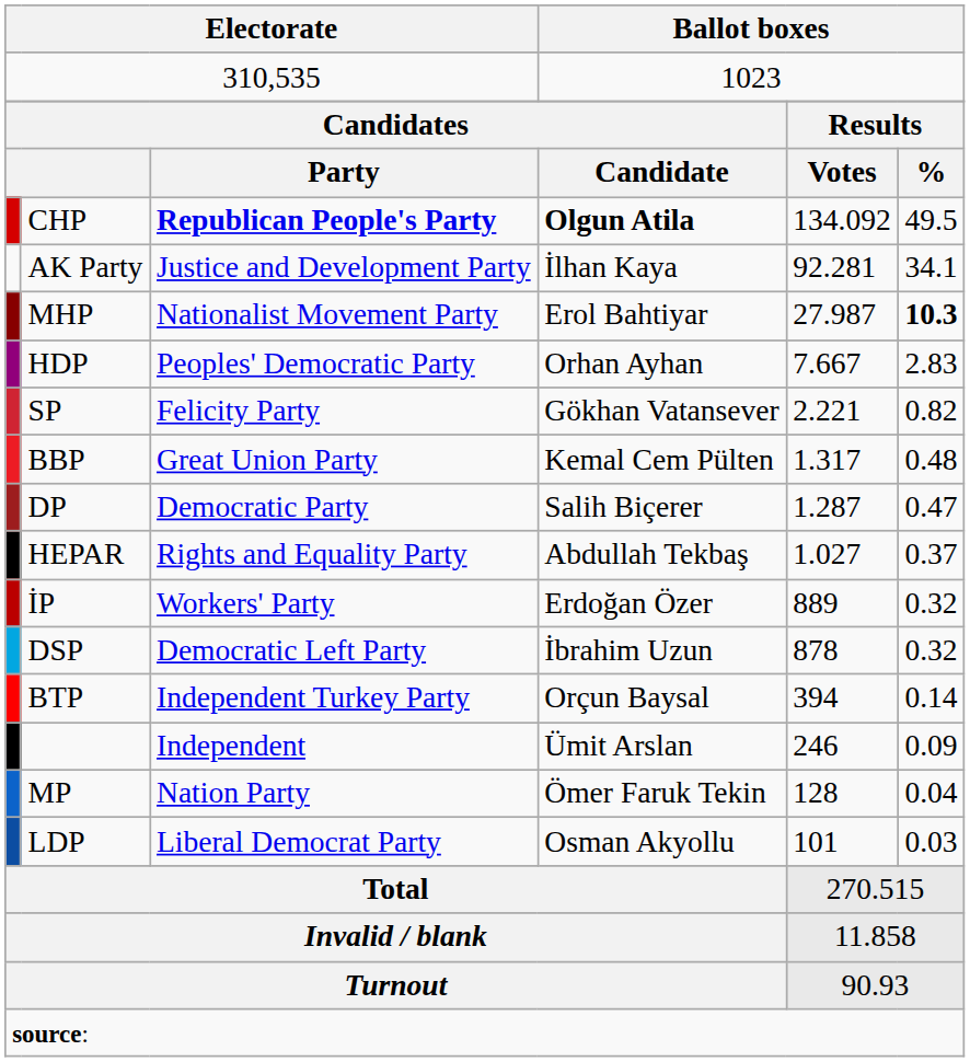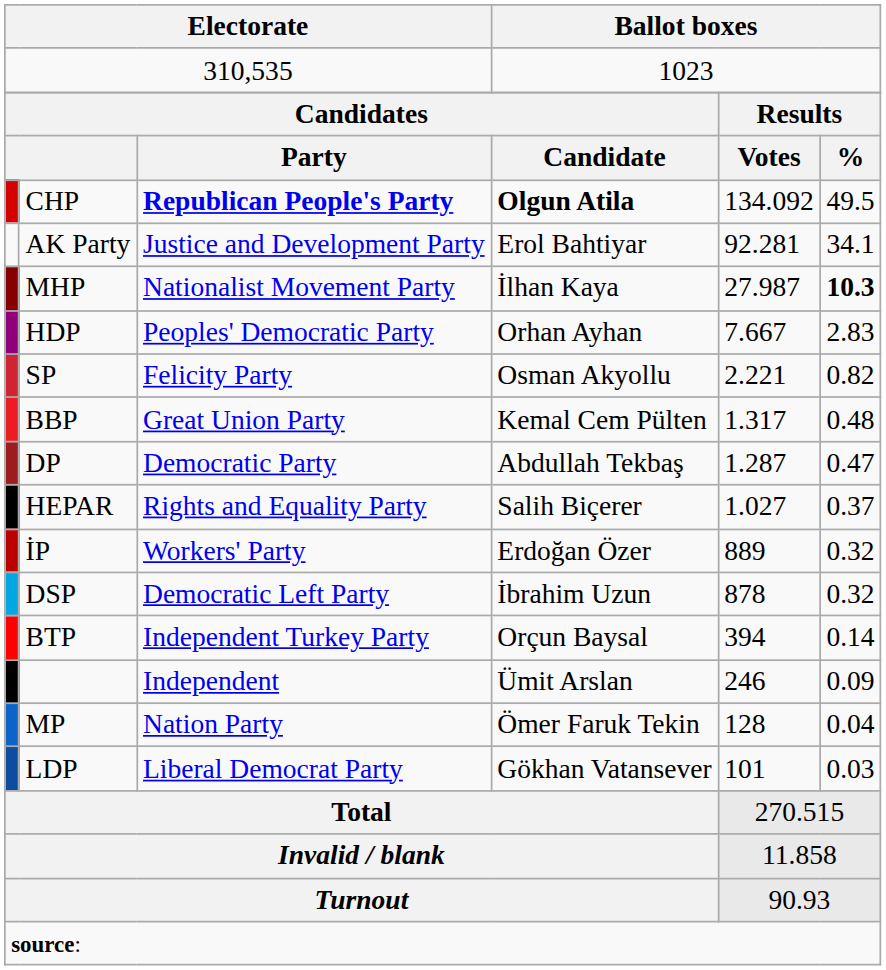 <table class="wikitable">
 <tr style="background-color:#F2F2F2">
 <td align="center" colspan="3"><strong>Electorate</strong></td>
 <td align="center" colspan="7"><strong>Ballot boxes</strong></td>
 </tr>
 <tr align="left">
 <td align="center" colspan="3">310,535</td>
 <td align="center" colspan="7">1023</td>
 </tr>
 <tr>
 </tr>
 <tr style="background-color:#E9E9E9">
 </tr>
 <tr>
 <th align="center" colspan="4">Candidates</th>
 <th align="center" colspan="6">Results</th>
 </tr>
 <tr style="background-color:#E9E9E9">
 <th align="center" colspan="2"></th>
 <th align="center">Party</th>
 <th align="center">Candidate</th>
 <th align="center">Votes</th>
 <th align="center">%</th>
 </tr>
 <tr align="left">
 <td bgcolor="#d50000" width=1></td>
 <td>CHP</td>
 <td><strong><a href='#'>Republican People's Party</a></strong></td>
 <td><strong>Olgun Atila</strong></td>
 <td>134.092</td>
 <td>49.5</td>
 </tr>
 <tr align="left">
 <td></td>
 <td>AK Party</td>
 <td><a href='#'>Justice and Development Party</a></td>
-<td>İlhan Kaya</td>
+<td>Erol Bahtiyar</td>
 <td>92.281</td>
 <td>34.1</td>
 </tr>
 <tr align="left">
 <td bgcolor="#870000" width=1></td>
 <td>MHP</td>
 <td><a href='#'>Nationalist Movement Party</a></td>
-<td>Erol Bahtiyar</td>
+<td>İlhan Kaya</td>
 <td>27.987</td>
 <td><strong>10.3</strong></td>
 </tr>
 <tr align="left">
 <td bgcolor="#91007B" width=1></td>
 <td>HDP</td>
 <td><a href='#'>Peoples' Democratic Party</a></td>
 <td>Orhan Ayhan</td>
 <td>7.667</td>
 <td>2.83</td>
 </tr>
 <tr align="left">
 <td bgcolor="#D02433" width=1></td>
 <td>SP</td>
 <td><a href='#'>Felicity Party</a></td>
-<td>Gökhan Vatansever</td>
+<td>Osman Akyollu</td>
 <td>2.221</td>
 <td>0.82</td>
 </tr>
 <tr align="left">
 <td bgcolor="#ED1C24" width=1></td>
 <td>BBP</td>
 <td><a href='#'>Great Union Party</a></td>
 <td>Kemal Cem Pülten</td>
 <td>1.317</td>
 <td>0.48</td>
 </tr>
 <tr align="left">
 <td bgcolor="#9D1D1E" width=1></td>
 <td>DP</td>
 <td><a href='#'>Democratic Party</a></td>
-<td>Salih Biçerer</td>
+<td>Abdullah Tekbaş</td>
 <td>1.287</td>
 <td>0.47</td>
 </tr>
 <tr align="left">
 <td bgcolor="#000000" width=1></td>
 <td>HEPAR</td>
 <td><a href='#'>Rights and Equality Party</a></td>
-<td>Abdullah Tekbaş</td>
+<td>Salih Biçerer</td>
 <td>1.027</td>
 <td>0.37</td>
 </tr>
 <tr align="left">
 <td bgcolor="#BB0000" width=1></td>
 <td>İP</td>
 <td><a href='#'>Workers' Party</a></td>
 <td>Erdoğan Özer</td>
 <td>889</td>
 <td>0.32</td>
 </tr>
 <tr align="left">
 <td bgcolor="#01A7E1" width=1></td>
 <td>DSP</td>
 <td><a href='#'>Democratic Left Party</a></td>
 <td>İbrahim Uzun</td>
 <td>878</td>
 <td>0.32</td>
 </tr>
 <tr align="left">
 <td bgcolor="#FE0000" width=1></td>
 <td>BTP</td>
 <td><a href='#'>Independent Turkey Party</a></td>
 <td>Orçun Baysal</td>
 <td>394</td>
 <td>0.14</td>
 </tr>
 <tr align="left">
 <td bgcolor=" " width=1></td>
 <td></td>
 <td><a href='#'>Independent</a></td>
 <td>Ümit Arslan</td>
 <td>246</td>
 <td>0.09</td>
 </tr>
 <tr align="left">
 <td bgcolor="#0C63CA" width=1></td>
 <td>MP</td>
 <td><a href='#'>Nation Party</a></td>
 <td>Ömer Faruk Tekin</td>
 <td>128</td>
 <td>0.04</td>
 </tr>
 <tr align="left">
 <td bgcolor="#0C4DA2" width=1></td>
 <td>LDP</td>
 <td><a href='#'>Liberal Democrat Party</a></td>
-<td>Osman Akyollu</td>
+<td>Gökhan Vatansever</td>
 <td>101</td>
 <td>0.03</td>
 </tr>
 <tr style="background-color:#E9E9E9" align="left">
 <th align="center" colspan="4"><strong>Total</strong></th>
 <td align="center" colspan="5">270.515</td>
 </tr>
 <tr style="background-color:#E9E9E9" align="left">
 <th align="center" colspan="4"><em>Invalid / blank</em></th>
 <td align="center" colspan="5">11.858</td>
 </tr>
 <tr style="background-color:#E9E9E9" align="left">
 <th align="center" colspan="4"><em>Turnout</em></th>
 <td align="center" colspan="5">90.93</td>
 </tr>
 <tr>
 <td align="left" colspan=10><small><strong>source</strong>:  </small></td>
 </tr>
 </table>
